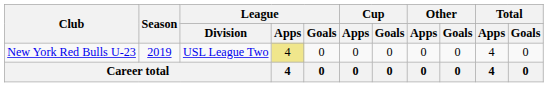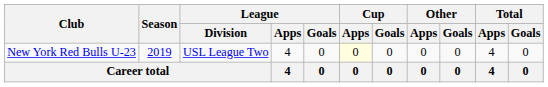 <table class="wikitable" style="text-align: center">
 <tr>
 <th rowspan="2">Club</th>
 <th rowspan="2">Season</th>
 <th colspan="3">League</th>
 <th colspan="2">Cup</th>
 <th colspan="2">Other</th>
 <th colspan="2">Total</th>
 </tr>
 <tr>
 <th>Division</th>
 <th>Apps</th>
 <th>Goals</th>
 <th>Apps</th>
 <th>Goals</th>
 <th>Apps</th>
 <th>Goals</th>
 <th>Apps</th>
 <th>Goals</th>
 </tr>
 <tr>
 <td><a href='#'>New York Red Bulls U-23</a></td>
 <td><a href='#'>2019</a></td>
 <td><a href='#'>USL League Two</a></td>
-<td style="background: khaki;">4</td>
+<td>4</td>
 <td>0</td>
-<td>0</td>
+<td style="background: lightyellow;">0</td>
 <td>0</td>
 <td>0</td>
 <td>0</td>
 <td>4</td>
 <td>0</td>
 </tr>
 <tr>
 <th colspan="3">Career total</th>
 <th>4</th>
 <th>0</th>
 <th>0</th>
 <th>0</th>
 <th>0</th>
 <th>0</th>
 <th>4</th>
 <th>0</th>
 </tr>
 </table>
